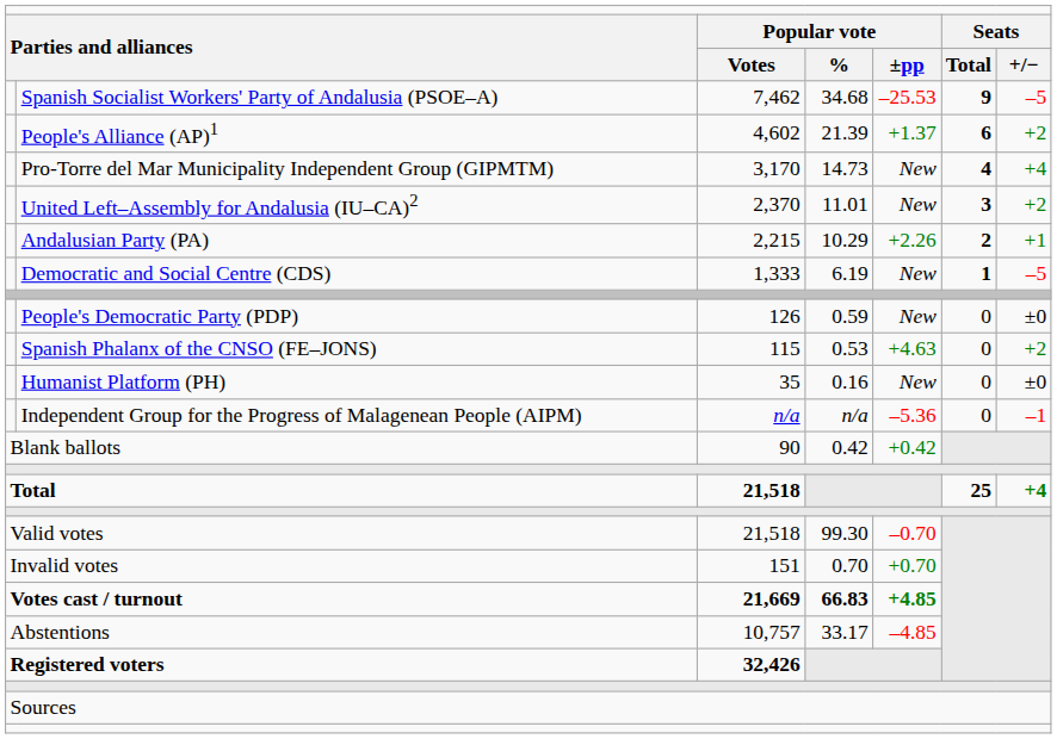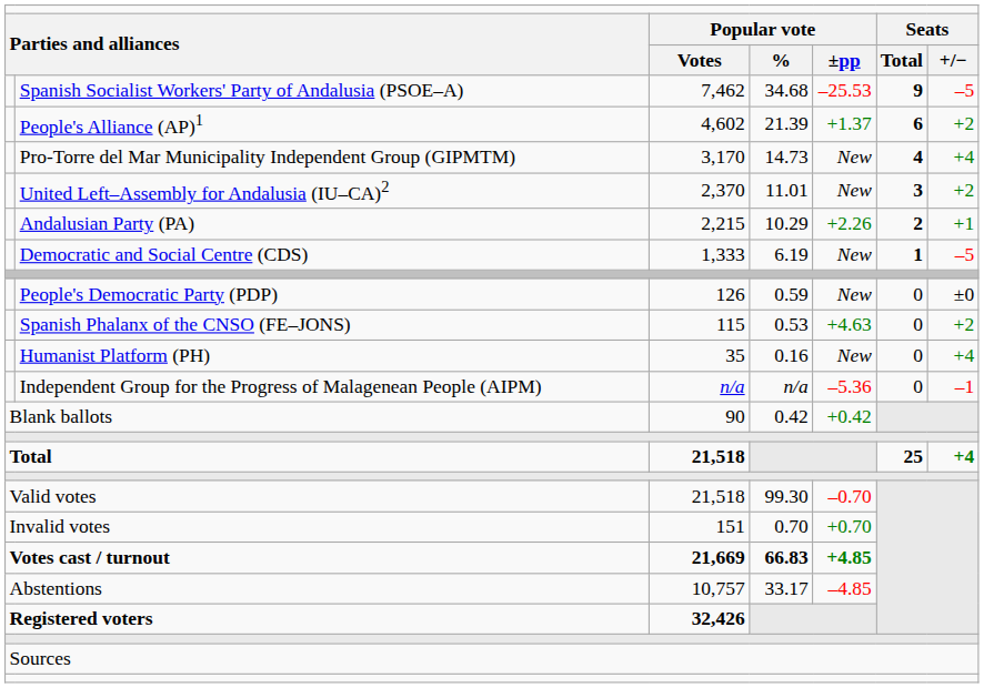 <table class="wikitable" style="text-align:right;">
 <tr>
 <td colspan="7"></td>
 </tr>
 <tr>
 <th style="text-align:left;" rowspan="2" colspan="2" width="525">Parties and alliances</th>
 <th colspan="3">Popular vote</th>
 <th colspan="2">Seats</th>
 </tr>
 <tr>
 <th width="75">Votes</th>
 <th width="45">%</th>
 <th width="45">±<a href='#'>pp</a></th>
 <th width="35">Total</th>
 <th width="35">+/−</th>
 </tr>
 <tr>
 <td width="1" style="color:inherit;background:"></td>
 <td align="left"><a href='#'>Spanish Socialist Workers' Party of Andalusia</a> (PSOE–A)</td>
 <td>7,462</td>
 <td>34.68</td>
 <td style="color:red;">–25.53</td>
 <td><strong>9</strong></td>
 <td style="color:red;">–5</td>
 </tr>
 <tr>
 <td style="color:inherit;background:"></td>
 <td align="left"><a href='#'>People's Alliance</a> (AP)<sup>1</sup></td>
 <td>4,602</td>
 <td>21.39</td>
 <td style="color:green;">+1.37</td>
 <td><strong>6</strong></td>
 <td style="color:green;">+2</td>
 </tr>
 <tr>
 <td style="color:inherit;background:"></td>
 <td align="left">Pro-Torre del Mar Municipality Independent Group (GIPMTM)</td>
 <td>3,170</td>
 <td>14.73</td>
 <td><em>New</em></td>
 <td><strong>4</strong></td>
 <td style="color:green;">+4</td>
 </tr>
 <tr>
 <td style="color:inherit;background:"></td>
 <td align="left"><a href='#'>United Left–Assembly for Andalusia</a> (IU–CA)<sup>2</sup></td>
 <td>2,370</td>
 <td>11.01</td>
 <td><em>New</em></td>
 <td><strong>3</strong></td>
 <td style="color:green;">+2</td>
 </tr>
 <tr>
 <td style="color:inherit;background:"></td>
 <td align="left"><a href='#'>Andalusian Party</a> (PA)</td>
 <td>2,215</td>
 <td>10.29</td>
 <td style="color:green;">+2.26</td>
 <td><strong>2</strong></td>
 <td style="color:green;">+1</td>
 </tr>
 <tr>
 <td style="color:inherit;background:"></td>
 <td align="left"><a href='#'>Democratic and Social Centre</a> (CDS)</td>
 <td>1,333</td>
 <td>6.19</td>
 <td><em>New</em></td>
 <td><strong>1</strong></td>
 <td style="color:red;">–5</td>
 </tr>
 <tr>
 <td colspan="7" bgcolor="#C0C0C0"></td>
 </tr>
 <tr>
 <td style="color:inherit;background:"></td>
 <td align="left"><a href='#'>People's Democratic Party</a> (PDP)</td>
 <td>126</td>
 <td>0.59</td>
 <td><em>New</em></td>
 <td>0</td>
 <td>±0</td>
 </tr>
 <tr>
 <td style="color:inherit;background:"></td>
 <td align="left"><a href='#'>Spanish Phalanx of the CNSO</a> (FE–JONS)</td>
 <td>115</td>
 <td>0.53</td>
 <td style="color:green;">+4.63</td>
 <td>0</td>
 <td style="color:green;">+2</td>
 </tr>
 <tr>
 <td style="color:inherit;background:"></td>
 <td align="left"><a href='#'>Humanist Platform</a> (PH)</td>
 <td>35</td>
 <td>0.16</td>
 <td><em>New</em></td>
 <td>0</td>
-<td>±0</td>
+<td style="color:green;">+4</td>
 </tr>
 <tr>
 <td style="color:inherit;background:"></td>
 <td align="left">Independent Group for the Progress of Malagenean People (AIPM)</td>
 <td><em><a href='#'>n/a</a></em></td>
 <td><em>n/a</em></td>
 <td style="color:red;">–5.36</td>
 <td>0</td>
 <td style="color:red;">–1</td>
 </tr>
 <tr>
 <td align="left" colspan="2">Blank ballots</td>
 <td>90</td>
 <td>0.42</td>
 <td style="color:green;">+0.42</td>
 <td bgcolor="#E9E9E9" colspan="2"></td>
 </tr>
 <tr>
 <td colspan="7" bgcolor="#E9E9E9"></td>
 </tr>
 <tr style="font-weight:bold;">
 <td align="left" colspan="2">Total</td>
 <td>21,518</td>
 <td bgcolor="#E9E9E9" colspan="2"></td>
 <td>25</td>
 <td style="color:green;">+4</td>
 </tr>
 <tr>
 <td colspan="7" bgcolor="#E9E9E9"></td>
 </tr>
 <tr>
 <td align="left" colspan="2">Valid votes</td>
 <td>21,518</td>
 <td>99.30</td>
 <td style="color:red;">–0.70</td>
 <td bgcolor="#E9E9E9" colspan="2" rowspan="5"></td>
 </tr>
 <tr>
 <td align="left" colspan="2">Invalid votes</td>
 <td>151</td>
 <td>0.70</td>
 <td style="color:green;">+0.70</td>
 </tr>
 <tr style="font-weight:bold;">
 <td align="left" colspan="2">Votes cast / turnout</td>
 <td>21,669</td>
 <td>66.83</td>
 <td style="color:green;">+4.85</td>
 </tr>
 <tr>
 <td align="left" colspan="2">Abstentions</td>
 <td>10,757</td>
 <td>33.17</td>
 <td style="color:red;">–4.85</td>
 </tr>
 <tr style="font-weight:bold;">
 <td align="left" colspan="2">Registered voters</td>
 <td>32,426</td>
 <td bgcolor="#E9E9E9" colspan="2"></td>
 </tr>
 <tr>
 <td colspan="7" bgcolor="#E9E9E9"></td>
 </tr>
 <tr>
 <td align="left" colspan="7">Sources</td>
 </tr>
 <tr>
 <td colspan="7" style="text-align:left; max-width:790px;"></td>
 </tr>
 </table>
